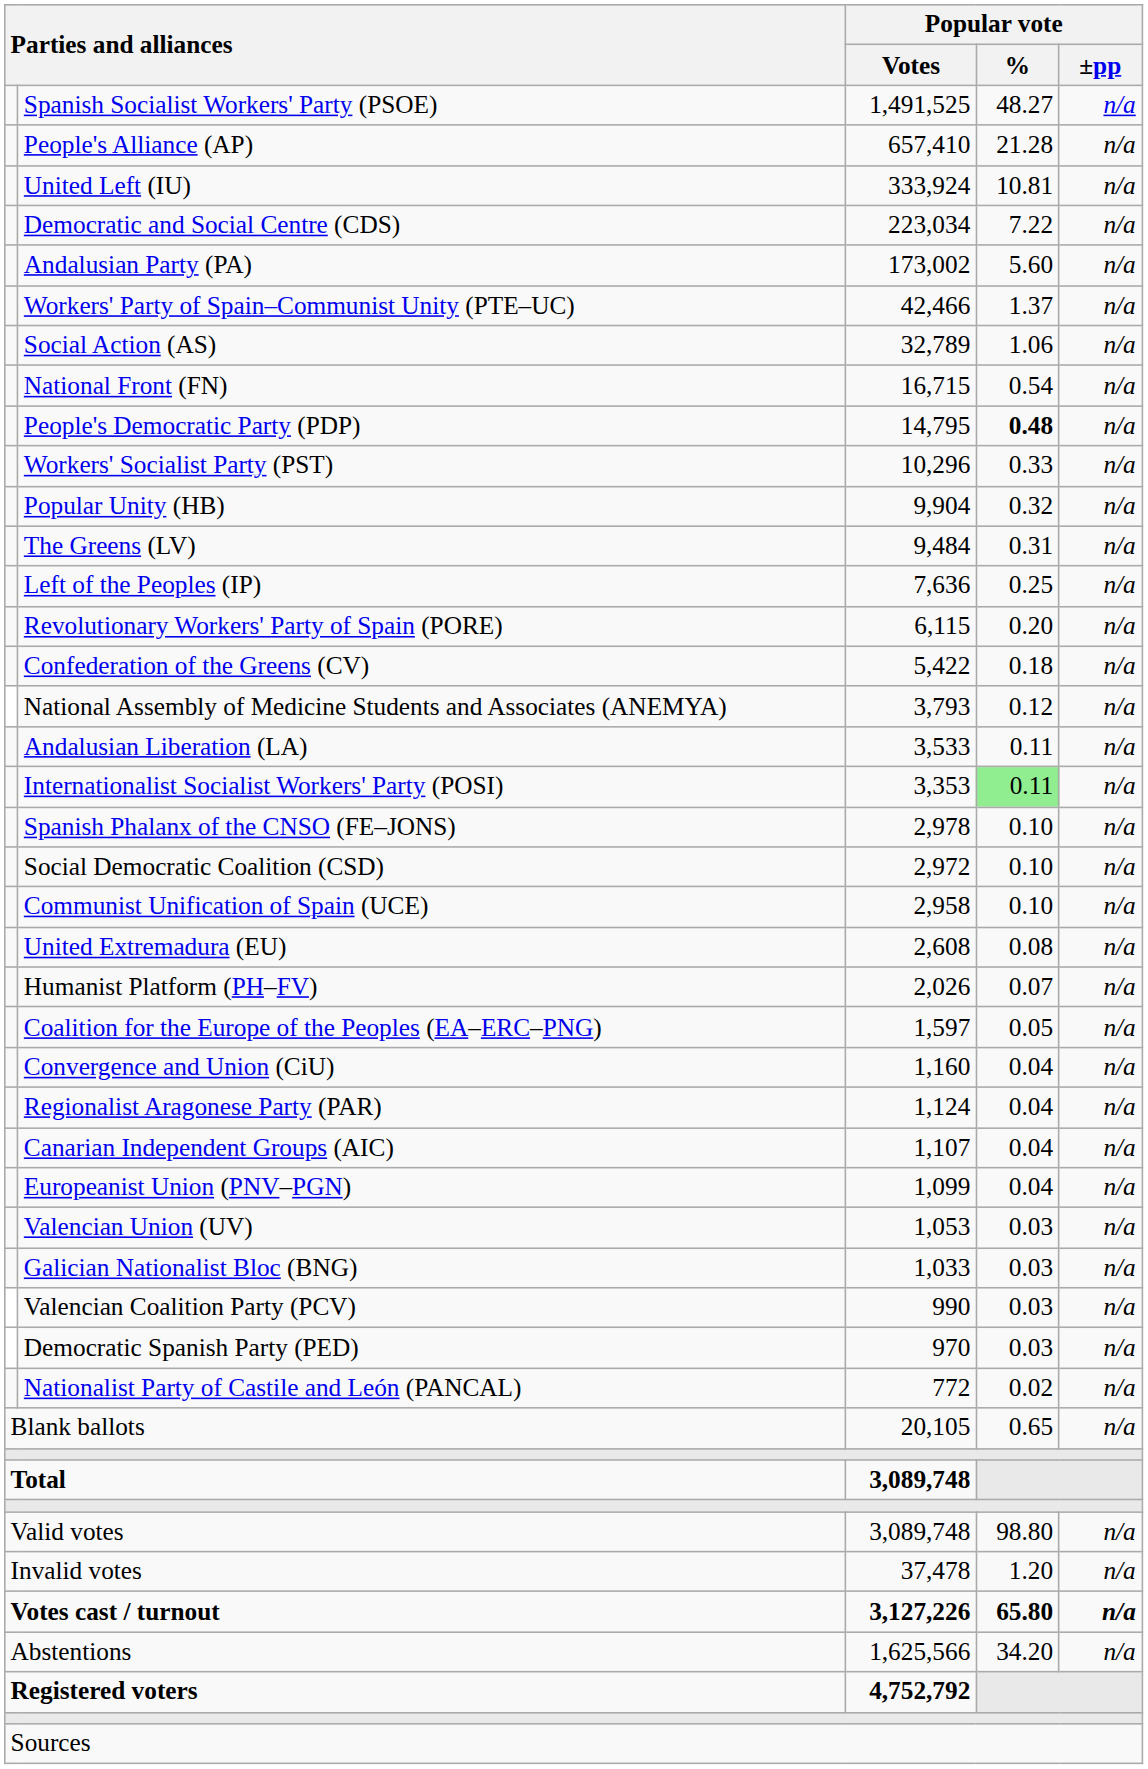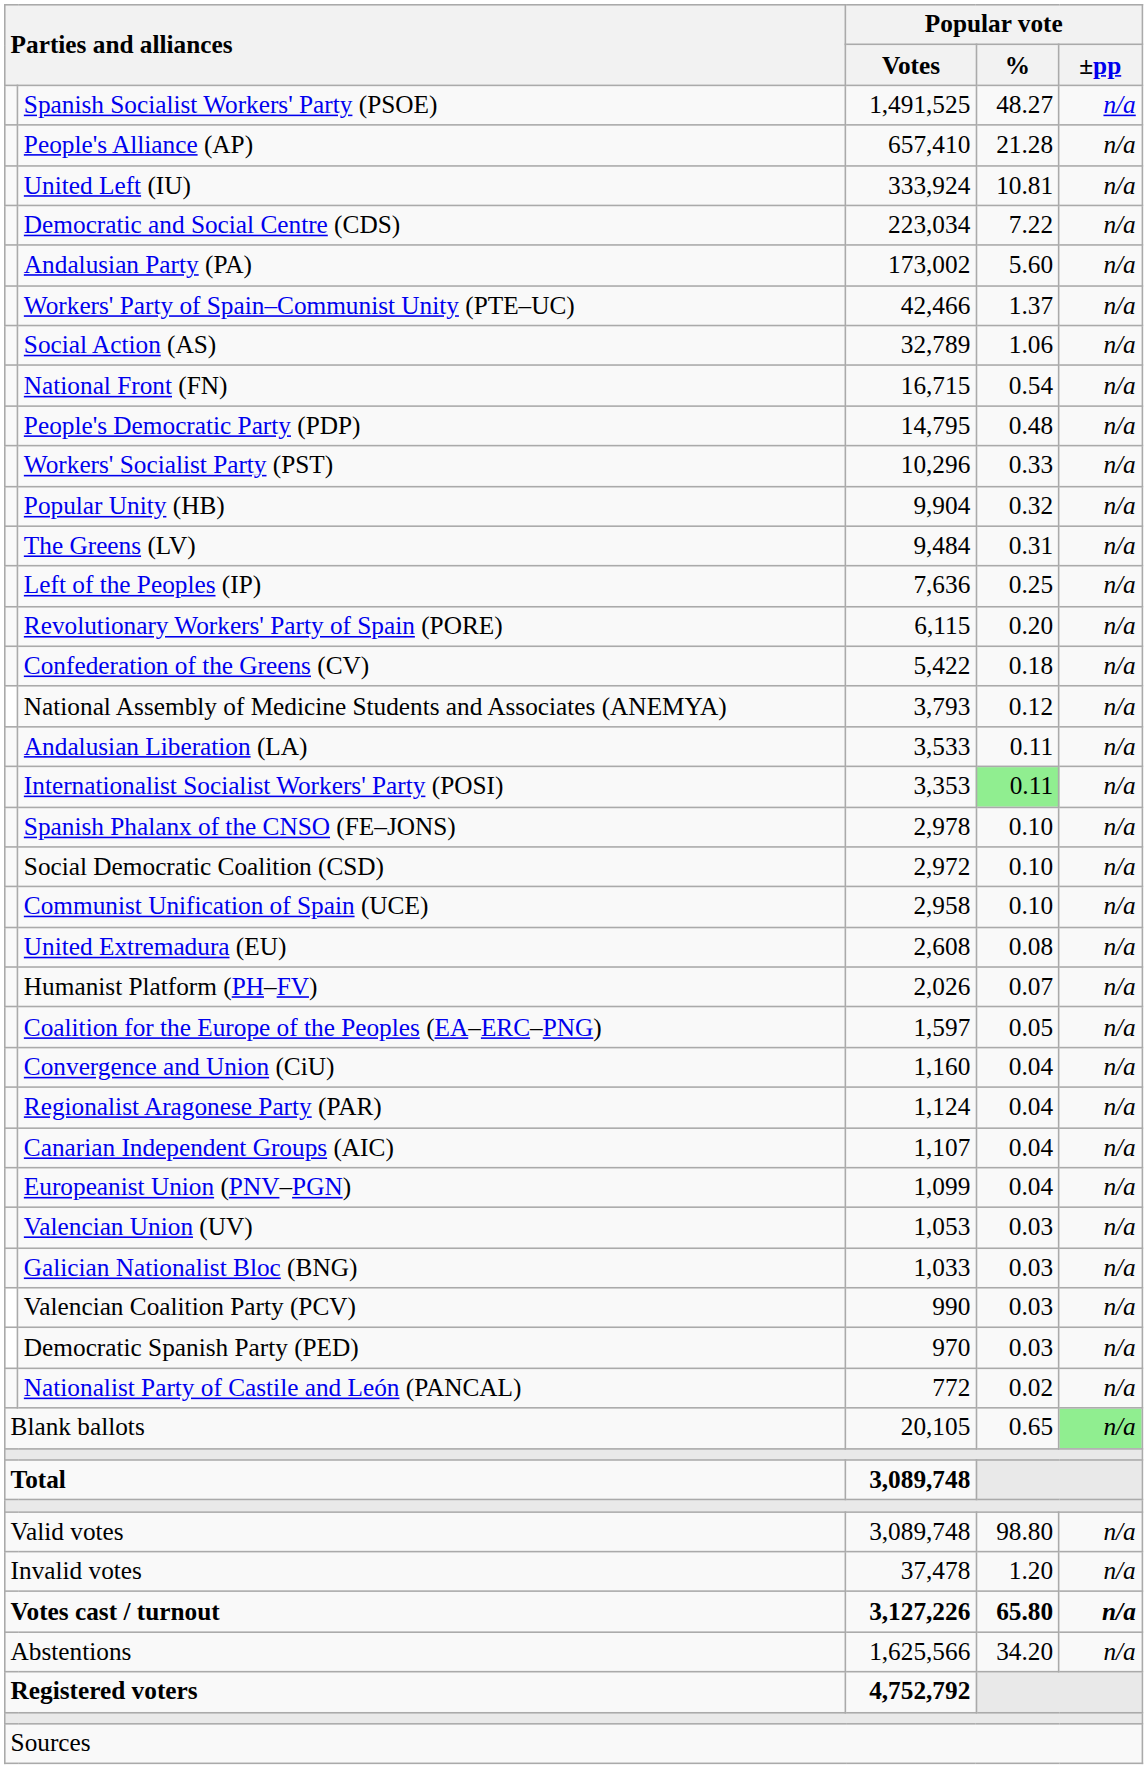 <table class="wikitable" style="text-align:right">
 <tr>
 <th style="text-align:left;" rowspan="2" colspan="2" width="525">Parties and alliances</th>
 <th colspan="3">Popular vote</th>
 </tr>
 <tr>
 <th width="75">Votes</th>
 <th width="45">%</th>
 <th width="45">±<a href='#'>pp</a></th>
 </tr>
 <tr>
 <td width="1" style="color:inherit;background:"></td>
 <td align="left"><a href='#'>Spanish Socialist Workers' Party</a> (PSOE)</td>
 <td>1,491,525</td>
 <td>48.27</td>
 <td><em><a href='#'>n/a</a></em></td>
 </tr>
 <tr>
 <td style="color:inherit;background:"></td>
 <td align="left"><a href='#'>People's Alliance</a> (AP)</td>
 <td>657,410</td>
 <td>21.28</td>
 <td><em>n/a</em></td>
 </tr>
 <tr>
 <td style="color:inherit;background:"></td>
 <td align="left"><a href='#'>United Left</a> (IU)</td>
 <td>333,924</td>
 <td>10.81</td>
 <td><em>n/a</em></td>
 </tr>
 <tr>
 <td style="color:inherit;background:"></td>
 <td align="left"><a href='#'>Democratic and Social Centre</a> (CDS)</td>
 <td>223,034</td>
 <td>7.22</td>
 <td><em>n/a</em></td>
 </tr>
 <tr>
 <td style="color:inherit;background:"></td>
 <td align="left"><a href='#'>Andalusian Party</a> (PA)</td>
 <td>173,002</td>
 <td>5.60</td>
 <td><em>n/a</em></td>
 </tr>
 <tr>
 <td style="color:inherit;background:"></td>
 <td align="left"><a href='#'>Workers' Party of Spain–Communist Unity</a> (PTE–UC)</td>
 <td>42,466</td>
 <td>1.37</td>
 <td><em>n/a</em></td>
 </tr>
 <tr>
 <td style="color:inherit;background:"></td>
 <td align="left"><a href='#'>Social Action</a> (AS)</td>
 <td>32,789</td>
 <td>1.06</td>
 <td><em>n/a</em></td>
 </tr>
 <tr>
 <td style="color:inherit;background:"></td>
 <td align="left"><a href='#'>National Front</a> (FN)</td>
 <td>16,715</td>
 <td>0.54</td>
 <td><em>n/a</em></td>
 </tr>
 <tr>
 <td style="color:inherit;background:"></td>
 <td align="left"><a href='#'>People's Democratic Party</a> (PDP)</td>
 <td>14,795</td>
-<td><strong>0.48</strong></td>
+<td>0.48</td>
 <td><em>n/a</em></td>
 </tr>
 <tr>
 <td style="color:inherit;background:"></td>
 <td align="left"><a href='#'>Workers' Socialist Party</a> (PST)</td>
 <td>10,296</td>
 <td>0.33</td>
 <td><em>n/a</em></td>
 </tr>
 <tr>
 <td style="color:inherit;background:"></td>
 <td align="left"><a href='#'>Popular Unity</a> (HB)</td>
 <td>9,904</td>
 <td>0.32</td>
 <td><em>n/a</em></td>
 </tr>
 <tr>
 <td style="color:inherit;background:"></td>
 <td align="left"><a href='#'>The Greens</a> (LV)</td>
 <td>9,484</td>
 <td>0.31</td>
 <td><em>n/a</em></td>
 </tr>
 <tr>
 <td style="color:inherit;background:"></td>
 <td align="left"><a href='#'>Left of the Peoples</a> (IP)</td>
 <td>7,636</td>
 <td>0.25</td>
 <td><em>n/a</em></td>
 </tr>
 <tr>
 <td style="color:inherit;background:"></td>
 <td align="left"><a href='#'>Revolutionary Workers' Party of Spain</a> (PORE)</td>
 <td>6,115</td>
 <td>0.20</td>
 <td><em>n/a</em></td>
 </tr>
 <tr>
 <td style="color:inherit;background:"></td>
 <td align="left"><a href='#'>Confederation of the Greens</a> (CV)</td>
 <td>5,422</td>
 <td>0.18</td>
 <td><em>n/a</em></td>
 </tr>
 <tr>
 <td bgcolor="white"></td>
 <td align="left">National Assembly of Medicine Students and Associates (ANEMYA)</td>
 <td>3,793</td>
 <td>0.12</td>
 <td><em>n/a</em></td>
 </tr>
 <tr>
 <td style="color:inherit;background:"></td>
 <td align="left"><a href='#'>Andalusian Liberation</a> (LA)</td>
 <td>3,533</td>
 <td>0.11</td>
 <td><em>n/a</em></td>
 </tr>
 <tr>
 <td style="color:inherit;background:"></td>
 <td align="left"><a href='#'>Internationalist Socialist Workers' Party</a> (POSI)</td>
 <td>3,353</td>
 <td style="background: lightgreen;">0.11</td>
 <td><em>n/a</em></td>
 </tr>
 <tr>
 <td style="color:inherit;background:"></td>
 <td align="left"><a href='#'>Spanish Phalanx of the CNSO</a> (FE–JONS)</td>
 <td>2,978</td>
 <td>0.10</td>
 <td><em>n/a</em></td>
 </tr>
 <tr>
 <td style="color:inherit;background:"></td>
 <td align="left">Social Democratic Coalition (CSD)</td>
 <td>2,972</td>
 <td>0.10</td>
 <td><em>n/a</em></td>
 </tr>
 <tr>
 <td style="color:inherit;background:"></td>
 <td align="left"><a href='#'>Communist Unification of Spain</a> (UCE)</td>
 <td>2,958</td>
 <td>0.10</td>
 <td><em>n/a</em></td>
 </tr>
 <tr>
 <td style="color:inherit;background:"></td>
 <td align="left"><a href='#'>United Extremadura</a> (EU)</td>
 <td>2,608</td>
 <td>0.08</td>
 <td><em>n/a</em></td>
 </tr>
 <tr>
 <td style="color:inherit;background:"></td>
 <td align="left">Humanist Platform (<a href='#'>PH</a>–<a href='#'>FV</a>)</td>
 <td>2,026</td>
 <td>0.07</td>
 <td><em>n/a</em></td>
 </tr>
 <tr>
 <td style="color:inherit;background:"></td>
 <td align="left"><a href='#'>Coalition for the Europe of the Peoples</a> (<a href='#'>EA</a>–<a href='#'>ERC</a>–<a href='#'>PNG</a>)</td>
 <td>1,597</td>
 <td>0.05</td>
 <td><em>n/a</em></td>
 </tr>
 <tr>
 <td style="color:inherit;background:"></td>
 <td align="left"><a href='#'>Convergence and Union</a> (CiU)</td>
 <td>1,160</td>
 <td>0.04</td>
 <td><em>n/a</em></td>
 </tr>
 <tr>
 <td style="color:inherit;background:"></td>
 <td align="left"><a href='#'>Regionalist Aragonese Party</a> (PAR)</td>
 <td>1,124</td>
 <td>0.04</td>
 <td><em>n/a</em></td>
 </tr>
 <tr>
 <td style="color:inherit;background:"></td>
 <td align="left"><a href='#'>Canarian Independent Groups</a> (AIC)</td>
 <td>1,107</td>
 <td>0.04</td>
 <td><em>n/a</em></td>
 </tr>
 <tr>
 <td style="color:inherit;background:"></td>
 <td align="left"><a href='#'>Europeanist Union</a> (<a href='#'>PNV</a>–<a href='#'>PGN</a>)</td>
 <td>1,099</td>
 <td>0.04</td>
 <td><em>n/a</em></td>
 </tr>
 <tr>
 <td style="color:inherit;background:"></td>
 <td align="left"><a href='#'>Valencian Union</a> (UV)</td>
 <td>1,053</td>
 <td>0.03</td>
 <td><em>n/a</em></td>
 </tr>
 <tr>
 <td style="color:inherit;background:"></td>
 <td align="left"><a href='#'>Galician Nationalist Bloc</a> (BNG)</td>
 <td>1,033</td>
 <td>0.03</td>
 <td><em>n/a</em></td>
 </tr>
 <tr>
 <td bgcolor="white"></td>
 <td align="left">Valencian Coalition Party (PCV)</td>
 <td>990</td>
 <td>0.03</td>
 <td><em>n/a</em></td>
 </tr>
 <tr>
 <td bgcolor="white"></td>
 <td align="left">Democratic Spanish Party (PED)</td>
 <td>970</td>
 <td>0.03</td>
 <td><em>n/a</em></td>
 </tr>
 <tr>
 <td style="color:inherit;background:"></td>
 <td align="left"><a href='#'>Nationalist Party of Castile and León</a> (PANCAL)</td>
 <td>772</td>
 <td>0.02</td>
 <td><em>n/a</em></td>
 </tr>
 <tr>
 <td align="left" colspan="2">Blank ballots</td>
 <td>20,105</td>
 <td>0.65</td>
-<td><em>n/a</em></td>
+<td style="background: lightgreen;"><em>n/a</em></td>
 </tr>
 <tr>
 <td colspan="5" bgcolor="#E9E9E9"></td>
 </tr>
 <tr style="font-weight:bold;">
 <td align="left" colspan="2">Total</td>
 <td>3,089,748</td>
 <td bgcolor="#E9E9E9" colspan="2"></td>
 </tr>
 <tr>
 <td colspan="5" bgcolor="#E9E9E9"></td>
 </tr>
 <tr>
 <td align="left" colspan="2">Valid votes</td>
 <td>3,089,748</td>
 <td>98.80</td>
 <td><em>n/a</em></td>
 </tr>
 <tr>
 <td align="left" colspan="2">Invalid votes</td>
 <td>37,478</td>
 <td>1.20</td>
 <td><em>n/a</em></td>
 </tr>
 <tr style="font-weight:bold;">
 <td align="left" colspan="2">Votes cast / turnout</td>
 <td>3,127,226</td>
 <td>65.80</td>
 <td><em>n/a</em></td>
 </tr>
 <tr>
 <td align="left" colspan="2">Abstentions</td>
 <td>1,625,566</td>
 <td>34.20</td>
 <td><em>n/a</em></td>
 </tr>
 <tr style="font-weight:bold;">
 <td align="left" colspan="2">Registered voters</td>
 <td>4,752,792</td>
 <td bgcolor="#E9E9E9" colspan="2"></td>
 </tr>
 <tr>
 <td colspan="5" bgcolor="#E9E9E9"></td>
 </tr>
 <tr>
 <td align="left" colspan="5">Sources</td>
 </tr>
 </table>
